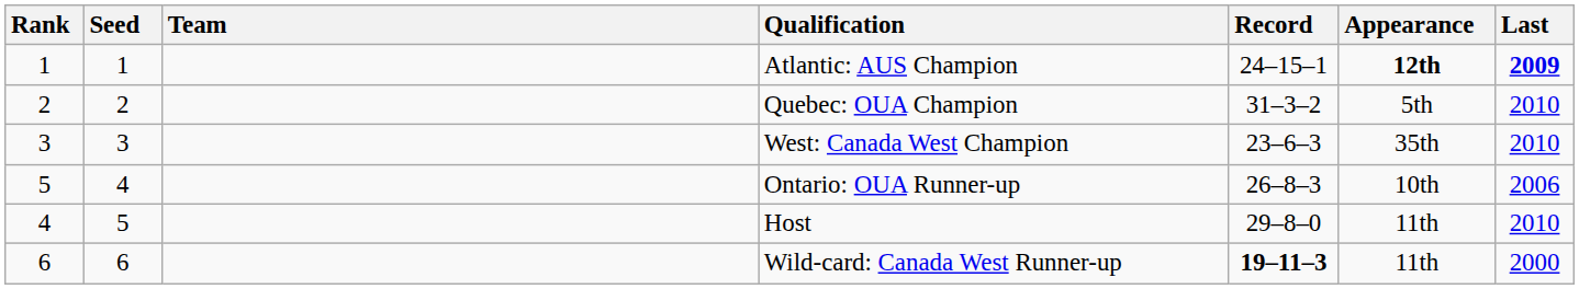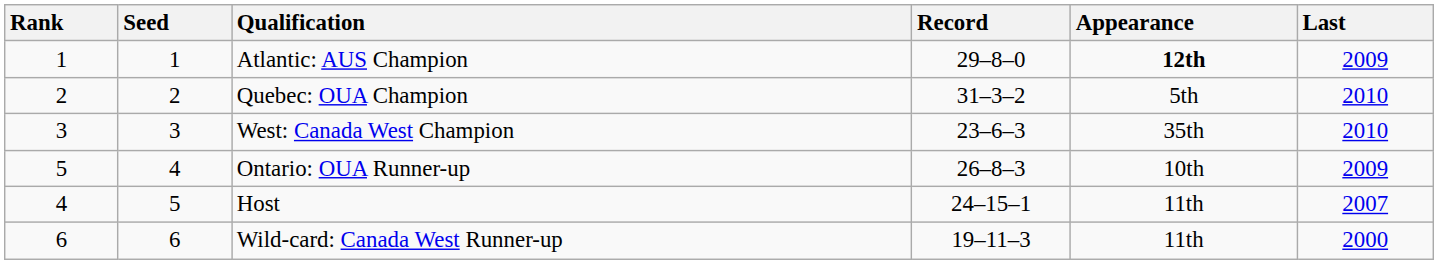 <table class="wikitable sortable" style="text-align: center;" width=1000>
 <tr style="background:#efefef; text-align:center">
 <th style="text-align:left" width=5%>Rank</th>
 <th style="text-align:left" width=5%>Seed</th>
-<th style="text-align:left" width=38%>Team</th>
 <th style="text-align:left" width=30%>Qualification</th>
 <th style="text-align:left" width=7%>Record</th>
 <th style="text-align:left" width=10%>Appearance</th>
 <th style="text-align:left" width=6%>Last</th>
 </tr>
 <tr style="text-align:center">
 <td style="text-align:center">1</td>
 <td style="text-align:center">1</td>
-<td style="text-align:left; "><a href='#'></a></td>
 <td style="text-align:left">Atlantic: <a href='#'>AUS</a> Champion</td>
-<td style="text-align:center">24–15–1</td>
+<td style="text-align:center">29–8–0</td>
 <td style=center><strong>12th</strong></td>
-<td style="text-align:center"><strong><a href='#'>2009</a></strong></td>
+<td style="text-align:center"><a href='#'>2009</a></td>
 </tr>
 <tr style="text-align:center">
 <td style="text-align:center">2</td>
 <td style="text-align:center">2</td>
-<td style="text-align:left; "><a href='#'></a></td>
 <td style="text-align:left">Quebec: <a href='#'>OUA</a> Champion</td>
 <td style="text-align:center">31–3–2</td>
 <td style=center>5th</td>
 <td style="text-align:center"><a href='#'>2010</a></td>
 </tr>
 <tr style="text-align:center">
 <td style="text-align:center">3</td>
 <td style="text-align:center">3</td>
-<td style="text-align:left; "><a href='#'></a></td>
 <td style="text-align:left">West: <a href='#'>Canada West</a> Champion</td>
 <td style="text-align:center">23–6–3</td>
 <td style=center>35th</td>
 <td style="text-align:center"><a href='#'>2010</a></td>
 </tr>
 <tr style="text-align:center">
 <td style="text-align:center">5</td>
 <td style="text-align:center">4</td>
-<td style="text-align:left; "><a href='#'></a></td>
 <td style="text-align:left">Ontario: <a href='#'>OUA</a> Runner-up</td>
 <td style="text-align:center">26–8–3</td>
 <td style=center>10th</td>
-<td style="text-align:center"><a href='#'>2006</a></td>
+<td style="text-align:center"><a href='#'>2009</a></td>
 </tr>
 <tr style="text-align:center">
 <td style="text-align:center">4</td>
 <td style="text-align:center">5</td>
-<td style="text-align:left; "><a href='#'></a></td>
 <td style="text-align:left">Host</td>
-<td style="text-align:center">29–8–0</td>
+<td style="text-align:center">24–15–1</td>
 <td style=center>11th</td>
-<td style="text-align:center"><a href='#'>2010</a></td>
+<td style="text-align:center"><a href='#'>2007</a></td>
 </tr>
 <tr style="text-align:center">
 <td style="text-align:center">6</td>
 <td style="text-align:center">6</td>
-<td style="text-align:left; "><a href='#'></a></td>
 <td style="text-align:left">Wild-card: <a href='#'>Canada West</a> Runner-up</td>
-<td style="text-align:center"><strong>19–11–3</strong></td>
+<td style="text-align:center">19–11–3</td>
 <td style="text-align:center">11th</td>
 <td style="text-align:center"><a href='#'>2000</a></td>
 </tr>
 </table>
